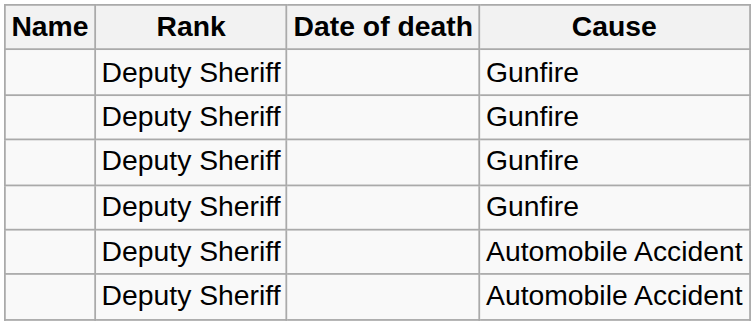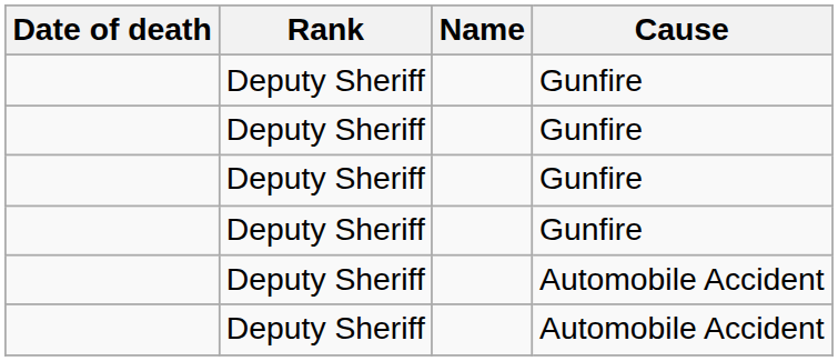 <table class="wikitable sortable">
 <tr>
+<th>Date of death</th>
+<th>Rank</th>
 <th>Name</th>
-<th>Rank</th>
-<th>Date of death</th>
 <th>Cause</th>
 </tr>
 <tr>
 <td></td>
 <td>Deputy Sheriff</td>
 <td></td>
 <td>Gunfire</td>
 </tr>
 <tr>
 <td></td>
 <td>Deputy Sheriff</td>
 <td></td>
 <td>Gunfire</td>
 </tr>
 <tr>
 <td></td>
 <td>Deputy Sheriff</td>
 <td></td>
 <td>Gunfire</td>
 </tr>
 <tr>
 <td></td>
 <td>Deputy Sheriff</td>
 <td></td>
 <td>Gunfire</td>
 </tr>
 <tr>
 <td></td>
 <td>Deputy Sheriff</td>
 <td></td>
 <td>Automobile Accident</td>
 </tr>
 <tr>
 <td></td>
 <td>Deputy Sheriff</td>
 <td></td>
 <td>Automobile Accident</td>
 </tr>
 </table>
